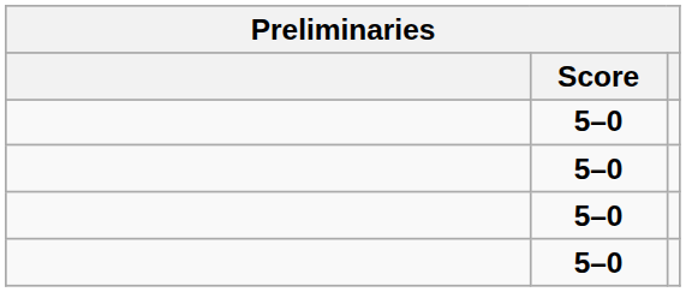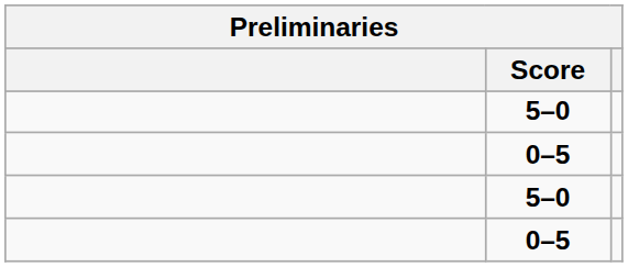 <table class="wikitable" style="text-align: center; font-size:90% ">
 <tr>
 <th colspan=3>Preliminaries</th>
 </tr>
 <tr>
 <th align="right" width="250"></th>
 <th width="60">Score</th>
 <th align=leftwidth="250"></th>
 </tr>
 <tr>
 <td align=left><strong></strong></td>
 <td align=center><strong>5–0</strong></td>
 <td align=left></td>
 </tr>
 <tr>
 <td align=left></td>
-<td align=center><strong>5–0</strong></td>
+<td align=center><strong>0–5</strong></td>
 <td align=left><strong></strong></td>
 </tr>
 <tr>
 <td align=left><strong></strong></td>
 <td align=center><strong>5–0</strong></td>
 <td align=left></td>
 </tr>
 <tr>
 <td align=left></td>
-<td align=center><strong>5–0</strong></td>
+<td align=center><strong>0–5</strong></td>
 <td align=left><strong></strong></td>
 </tr>
 </table>
